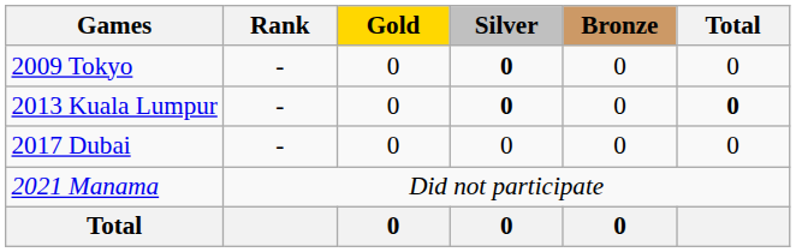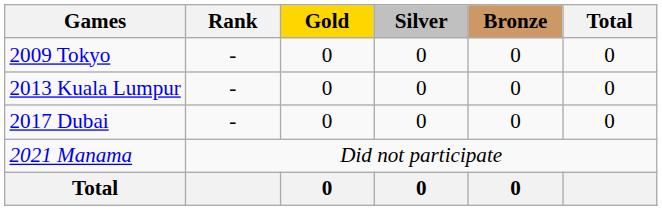 <table class="wikitable sortable" style="margin-top:0em; text-align:center; font-size:100%;">
 <tr>
 <th>Games</th>
 <th style="width:4em;">Rank</th>
 <th style="background:gold; width:4em;"><strong>Gold</strong></th>
 <th style="background:silver; width:4em;"><strong>Silver</strong></th>
 <th style="background:#cc9966; width:4em;"><strong>Bronze</strong></th>
 <th style="width:4em;">Total</th>
 </tr>
 <tr>
 <td align=left><a href='#'>2009 Tokyo</a></td>
 <td>-</td>
 <td>0</td>
-<td><strong>0</strong></td>
+<td>0</td>
 <td>0</td>
 <td>0</td>
 </tr>
 <tr>
 <td align=left><a href='#'>2013 Kuala Lumpur</a></td>
 <td>-</td>
 <td>0</td>
-<td><strong>0</strong></td>
 <td>0</td>
-<td><strong>0</strong></td>
+<td>0</td>
+<td>0</td>
 </tr>
 <tr>
 <td align=left><a href='#'>2017 Dubai</a></td>
 <td>-</td>
 <td>0</td>
 <td>0</td>
 <td>0</td>
 <td>0</td>
 </tr>
 <tr>
 <td align=left><em><a href='#'>2021 Manama</a></em></td>
 <td colspan=5><em>Did not participate</em></td>
 </tr>
 <tr>
 <th>Total</th>
 <th></th>
 <th>0</th>
 <th>0</th>
 <th>0</th>
 <th></th>
 </tr>
 </table>
